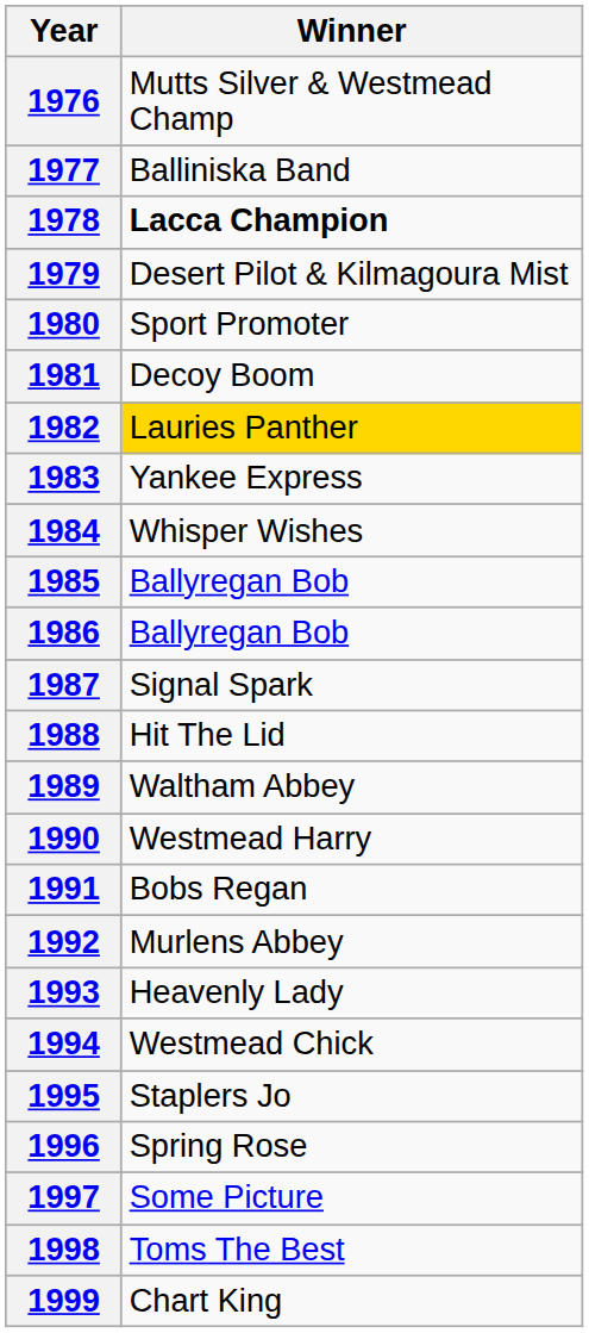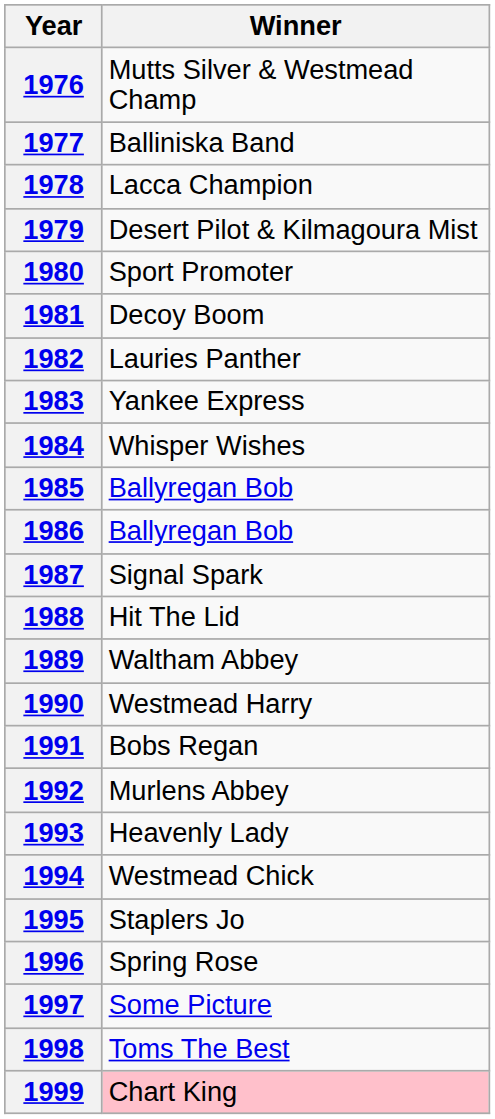 <table class="wikitable">
 <tr>
 <th width=50>Year</th>
 <th width=220>Winner</th>
 </tr>
 <tr>
 <th><a href='#'>1976</a></th>
 <td>Mutts Silver & Westmead Champ</td>
 </tr>
 <tr>
 <th><a href='#'>1977</a></th>
 <td>Balliniska Band</td>
 </tr>
 <tr>
 <th><a href='#'>1978</a></th>
-<td><strong>Lacca Champion</strong></td>
+<td>Lacca Champion</td>
 </tr>
 <tr>
 <th><a href='#'>1979</a></th>
 <td>Desert Pilot & Kilmagoura Mist</td>
 </tr>
 <tr>
 <th><a href='#'>1980</a></th>
 <td>Sport Promoter</td>
 </tr>
 <tr>
 <th><a href='#'>1981</a></th>
 <td>Decoy Boom</td>
 </tr>
 <tr>
 <th><a href='#'>1982</a></th>
-<td style="background: gold;">Lauries Panther</td>
+<td>Lauries Panther</td>
 </tr>
 <tr>
 <th><a href='#'>1983</a></th>
 <td>Yankee Express </td>
 </tr>
 <tr>
 <th><a href='#'>1984</a></th>
 <td>Whisper Wishes</td>
 </tr>
 <tr>
 <th><a href='#'>1985</a></th>
 <td><a href='#'>Ballyregan Bob</a></td>
 </tr>
 <tr>
 <th><a href='#'>1986</a></th>
 <td><a href='#'>Ballyregan Bob</a></td>
 </tr>
 <tr>
 <th><a href='#'>1987</a></th>
 <td>Signal Spark</td>
 </tr>
 <tr>
 <th><a href='#'>1988</a></th>
 <td>Hit The Lid</td>
 </tr>
 <tr>
 <th><a href='#'>1989</a></th>
 <td>Waltham Abbey</td>
 </tr>
 <tr>
 <th><a href='#'>1990</a></th>
 <td>Westmead Harry</td>
 </tr>
 <tr>
 <th><a href='#'>1991</a></th>
 <td>Bobs Regan</td>
 </tr>
 <tr>
 <th><a href='#'>1992</a></th>
 <td>Murlens Abbey</td>
 </tr>
 <tr>
 <th><a href='#'>1993</a></th>
 <td>Heavenly Lady </td>
 </tr>
 <tr>
 <th><a href='#'>1994</a></th>
 <td>Westmead Chick</td>
 </tr>
 <tr>
 <th><a href='#'>1995</a></th>
 <td>Staplers Jo</td>
 </tr>
 <tr>
 <th><a href='#'>1996</a></th>
 <td>Spring Rose</td>
 </tr>
 <tr>
 <th><a href='#'>1997</a></th>
 <td><a href='#'>Some Picture</a></td>
 </tr>
 <tr>
 <th><a href='#'>1998</a></th>
 <td><a href='#'>Toms The Best</a></td>
 </tr>
 <tr>
 <th><a href='#'>1999</a></th>
-<td>Chart King</td>
+<td style="background: pink;">Chart King</td>
 </tr>
 </table>
